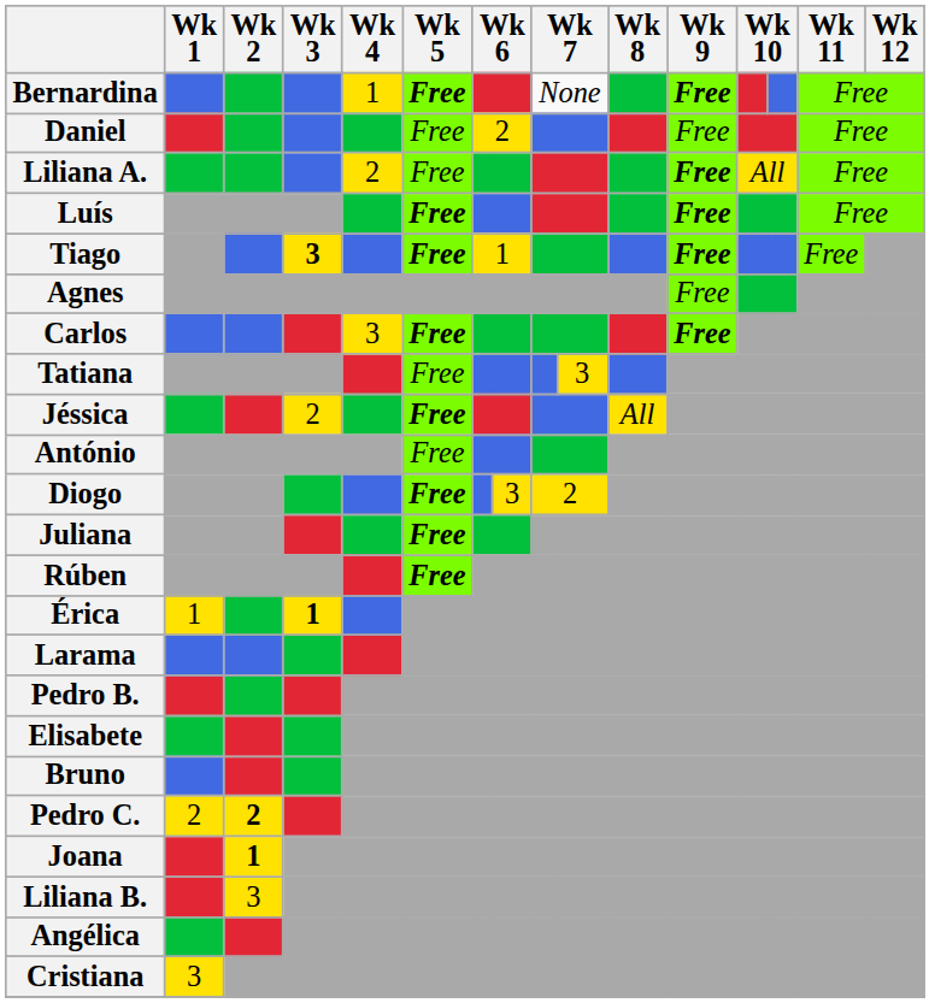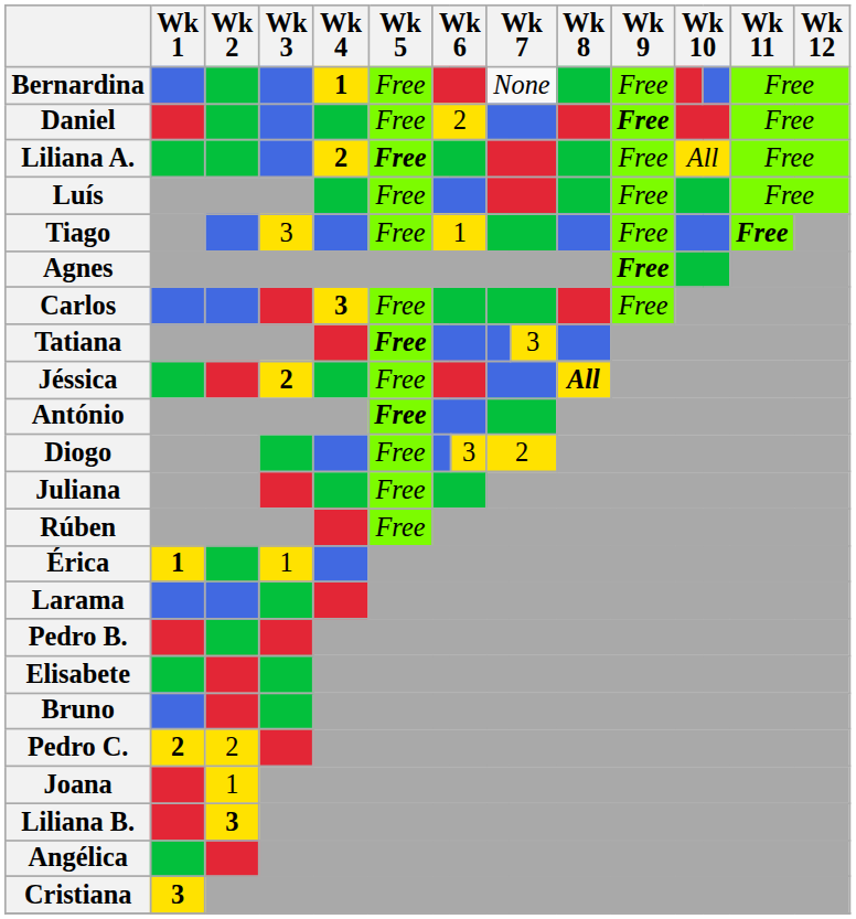 <table class="wikitable" style="text-align:center; font-size:90%; line-height:13px;">
 <tr>
 <th></th>
 <th>Wk<br>1</th>
 <th>Wk<br>2</th>
 <th>Wk<br>3</th>
 <th>Wk<br>4</th>
 <th>Wk<br>5</th>
 <th colspan="2">Wk<br>6</th>
 <th colspan="2">Wk<br>7</th>
 <th>Wk<br>8</th>
 <th>Wk<br>9</th>
 <th colspan="2">Wk<br>10</th>
 <th>Wk<br>11</th>
 <th>Wk<br>12</th>
 </tr>
 <tr>
 <th>Bernardina</th>
 <td bgcolor="#4169E1"></td>
 <td bgcolor="#03C03C"></td>
 <td bgcolor="#4169E1"></td>
-<td bgcolor="#FFE200">1</td>
-<td bgcolor="#7CFC00"><strong><em>Free</em></strong></td>
+<td bgcolor="#FFE200"><strong>1</strong></td>
+<td bgcolor="#7CFC00"><em>Free</em></td>
 <td colspan="2" bgcolor="#E32636"></td>
 <td colspan="2"><em>None</em></td>
 <td bgcolor="#03C03C"></td>
-<td bgcolor="#7CFC00"><strong><em>Free</em></strong></td>
+<td bgcolor="#7CFC00"><em>Free</em></td>
 <td bgcolor="#E32636"></td>
 <td bgcolor="#4169E1"></td>
 <td colspan="2" bgcolor="#7CFC00"><em>Free</em></td>
 </tr>
 <tr>
 <th>Daniel</th>
 <td bgcolor="#E32636"></td>
 <td bgcolor="#03C03C"></td>
 <td bgcolor="#4169E1"></td>
 <td bgcolor="#03C03C"></td>
 <td bgcolor="#7CFC00"><em>Free</em></td>
 <td colspan="2" bgcolor="#FFE200">2</td>
 <td colspan="2" bgcolor="#4169E1"></td>
 <td bgcolor="#E32636"></td>
-<td bgcolor="#7CFC00"><em>Free</em></td>
+<td bgcolor="#7CFC00"><strong><em>Free</em></strong></td>
 <td colspan="2" bgcolor="#E32636"></td>
 <td colspan="2" bgcolor="#7CFC00"><em>Free</em></td>
 </tr>
 <tr>
 <th>Liliana A.</th>
 <td bgcolor="#03C03C"></td>
 <td bgcolor="#03C03C"></td>
 <td bgcolor="#4169E1"></td>
-<td bgcolor="#FFE200">2</td>
-<td bgcolor="#7CFC00"><em>Free</em></td>
+<td bgcolor="#FFE200"><strong>2</strong></td>
+<td bgcolor="#7CFC00"><strong><em>Free</em></strong></td>
 <td colspan="2" bgcolor="#03C03C"></td>
 <td colspan="2" bgcolor="#E32636"></td>
 <td bgcolor="#03C03C"></td>
-<td bgcolor="#7CFC00"><strong><em>Free</em></strong></td>
+<td bgcolor="#7CFC00"><em>Free</em></td>
 <td colspan="2" bgcolor="#FFE200"><em>All</em></td>
 <td colspan="2" bgcolor="#7CFC00"><em>Free</em></td>
 </tr>
 <tr>
 <th>Luís</th>
 <td colspan="3" bgcolor="darkgrey"></td>
 <td bgcolor="#03C03C"></td>
-<td bgcolor="#7CFC00"><strong><em>Free</em></strong></td>
+<td bgcolor="#7CFC00"><em>Free</em></td>
 <td colspan="2" bgcolor="#4169E1"></td>
 <td colspan="2" bgcolor="#E32636"></td>
 <td bgcolor="#03C03C"></td>
-<td bgcolor="#7CFC00"><strong><em>Free</em></strong></td>
+<td bgcolor="#7CFC00"><em>Free</em></td>
 <td colspan="2" bgcolor="#03C03C"></td>
 <td colspan="2" bgcolor="#7CFC00"><em>Free</em></td>
 </tr>
 <tr>
 <th>Tiago</th>
 <td bgcolor="darkgrey"></td>
 <td bgcolor="#4169E1"></td>
-<td bgcolor="#FFE200"><strong>3</strong></td>
+<td bgcolor="#FFE200">3</td>
 <td bgcolor="#4169E1"></td>
-<td bgcolor="#7CFC00"><strong><em>Free</em></strong></td>
+<td bgcolor="#7CFC00"><em>Free</em></td>
 <td colspan="2" bgcolor="#FFE200">1</td>
 <td colspan="2" bgcolor="#03C03C"></td>
 <td bgcolor="#4169E1"></td>
-<td bgcolor="#7CFC00"><strong><em>Free</em></strong></td>
+<td bgcolor="#7CFC00"><em>Free</em></td>
 <td colspan="2" bgcolor="#4169E1"></td>
-<td colspan="" bgcolor="#7CFC00"><em>Free</em></td>
+<td colspan="" bgcolor="#7CFC00"><strong><em>Free</em></strong></td>
 <td bgcolor="darkgrey"></td>
 </tr>
 <tr>
 <th>Agnes</th>
 <td colspan="10" bgcolor="darkgrey"></td>
-<td bgcolor="#7CFC00"><em>Free</em></td>
+<td bgcolor="#7CFC00"><strong><em>Free</em></strong></td>
 <td colspan="2" bgcolor="#03C03C"></td>
 <td colspan="2" bgcolor="darkgrey"></td>
 </tr>
 <tr>
 <th>Carlos</th>
 <td bgcolor="#4169E1"></td>
 <td bgcolor="#4169E1"></td>
 <td bgcolor="#E32636"></td>
-<td bgcolor="#FFE200">3</td>
-<td bgcolor="#7CFC00"><strong><em>Free</em></strong></td>
+<td bgcolor="#FFE200"><strong>3</strong></td>
+<td bgcolor="#7CFC00"><em>Free</em></td>
 <td colspan="2" bgcolor="#03C03C"></td>
 <td colspan="2" bgcolor="#03C03C"></td>
 <td bgcolor="#E32636"></td>
-<td bgcolor="#7CFC00"><strong><em>Free</em></strong></td>
+<td bgcolor="#7CFC00"><em>Free</em></td>
 <td colspan="4" bgcolor="darkgrey"></td>
 </tr>
 <tr>
 <th>Tatiana</th>
 <td colspan="3" bgcolor="darkgrey"></td>
 <td bgcolor="#E32636"></td>
-<td bgcolor="#7CFC00"><em>Free</em></td>
+<td bgcolor="#7CFC00"><strong><em>Free</em></strong></td>
 <td colspan="2" bgcolor="#4169E1"></td>
 <td bgcolor="#4169E1"></td>
 <td bgcolor="#FFE200">3</td>
 <td bgcolor="#4169E1"></td>
 <td colspan="5" bgcolor="darkgrey"></td>
 </tr>
 <tr>
 <th>Jéssica</th>
 <td bgcolor="#03C03C"></td>
 <td bgcolor="#E32636"></td>
-<td bgcolor="#FFE200">2</td>
+<td bgcolor="#FFE200"><strong>2</strong></td>
 <td bgcolor="#03C03C"></td>
-<td bgcolor="#7CFC00"><strong><em>Free</em></strong></td>
+<td bgcolor="#7CFC00"><em>Free</em></td>
 <td colspan="2" bgcolor="#E32636"></td>
 <td colspan="2" bgcolor="#4169E1"></td>
-<td bgcolor="#FFE200"><em>All</em></td>
+<td bgcolor="#FFE200"><strong><em>All</em></strong></td>
 <td colspan="5" bgcolor="darkgrey"></td>
 </tr>
 <tr>
 <th>António</th>
 <td colspan="4" bgcolor="darkgrey"></td>
-<td bgcolor="#7CFC00"><em>Free</em></td>
+<td bgcolor="#7CFC00"><strong><em>Free</em></strong></td>
 <td colspan="2" bgcolor="#4169E1"></td>
 <td colspan="2" bgcolor="#03C03C"></td>
 <td colspan="6" bgcolor="darkgrey"></td>
 </tr>
 <tr>
 <th>Diogo</th>
 <td colspan="2" bgcolor="darkgrey"></td>
 <td bgcolor="#03C03C"></td>
 <td bgcolor="#4169E1"></td>
-<td bgcolor="#7CFC00"><strong><em>Free</em></strong></td>
+<td bgcolor="#7CFC00"><em>Free</em></td>
 <td bgcolor="#4169E1"></td>
 <td bgcolor="#FFE200">3</td>
 <td colspan="2" bgcolor="#FFE200">2</td>
 <td colspan="6" bgcolor="darkgrey"></td>
 </tr>
 <tr>
 <th>Juliana</th>
 <td colspan="2" bgcolor="darkgrey"></td>
 <td bgcolor="#E32636"></td>
 <td bgcolor="#03C03C"></td>
-<td bgcolor="#7CFC00"><strong><em>Free</em></strong></td>
+<td bgcolor="#7CFC00"><em>Free</em></td>
 <td colspan="2" bgcolor="#03C03C"></td>
 <td colspan="8" bgcolor="darkgrey"></td>
 </tr>
 <tr>
 <th>Rúben</th>
 <td colspan="3" bgcolor="darkgrey"></td>
 <td bgcolor="#E32636"></td>
-<td bgcolor="#7CFC00"><strong><em>Free</em></strong></td>
+<td bgcolor="#7CFC00"><em>Free</em></td>
 <td colspan="10" bgcolor="darkgrey"></td>
 </tr>
 <tr>
 <th>Érica</th>
+<td bgcolor="#FFE200"><strong>1</strong></td>
+<td bgcolor="#03C03C"></td>
 <td bgcolor="#FFE200">1</td>
-<td bgcolor="#03C03C"></td>
-<td bgcolor="#FFE200"><strong>1</strong></td>
 <td bgcolor="#4169E1"></td>
 <td colspan="11" bgcolor="darkgrey"></td>
 </tr>
 <tr>
 <th>Larama</th>
 <td bgcolor="#4169E1"></td>
 <td bgcolor="#4169E1"></td>
 <td bgcolor="#03C03C"></td>
 <td bgcolor="#E32636"></td>
 <td colspan="11" bgcolor="darkgrey"></td>
 </tr>
 <tr>
 <th>Pedro B.</th>
 <td bgcolor="#E32636"></td>
 <td bgcolor="#03C03C"></td>
 <td bgcolor="#E32636"></td>
 <td colspan="12" bgcolor="darkgrey"></td>
 </tr>
 <tr>
 <th>Elisabete</th>
 <td bgcolor="#03C03C"></td>
 <td bgcolor="#E32636"></td>
 <td bgcolor="#03C03C"></td>
 <td colspan="12" bgcolor="darkgrey"></td>
 </tr>
 <tr>
 <th>Bruno</th>
 <td bgcolor="#4169E1"></td>
 <td bgcolor="#E32636"></td>
 <td bgcolor="#03C03C"></td>
 <td colspan="12" bgcolor="darkgrey"></td>
 </tr>
 <tr>
 <th>Pedro C.</th>
+<td bgcolor="#FFE200"><strong>2</strong></td>
 <td bgcolor="#FFE200">2</td>
-<td bgcolor="#FFE200"><strong>2</strong></td>
 <td bgcolor="#E32636"></td>
 <td colspan="12" bgcolor="darkgrey"></td>
 </tr>
 <tr>
 <th>Joana</th>
 <td bgcolor="#E32636"></td>
-<td bgcolor="#FFE200"><strong>1</strong></td>
+<td bgcolor="#FFE200">1</td>
 <td colspan="13" bgcolor="darkgrey"></td>
 </tr>
 <tr>
 <th>Liliana B.</th>
 <td bgcolor="#E32636"></td>
-<td bgcolor="#FFE200">3</td>
+<td bgcolor="#FFE200"><strong>3</strong></td>
 <td colspan="13" bgcolor="darkgrey"></td>
 </tr>
 <tr>
 <th>Angélica</th>
 <td bgcolor="#03C03C"></td>
 <td bgcolor="#E32636"></td>
 <td colspan="13" bgcolor="darkgrey"></td>
 </tr>
 <tr>
 <th>Cristiana</th>
-<td bgcolor="#FFE200">3</td>
+<td bgcolor="#FFE200"><strong>3</strong></td>
 <td colspan="14" bgcolor="darkgrey"></td>
 </tr>
 <tr>
 </tr>
 </table>
